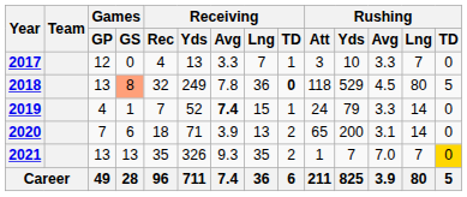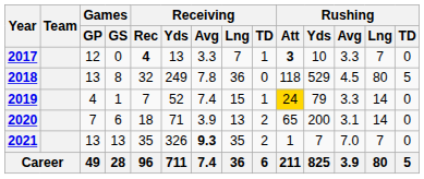 <table class="wikitable" style="text-align:center;">
 <tr>
 <th rowspan="2">Year</th>
 <th rowspan="2">Team</th>
 <th colspan="2">Games</th>
 <th colspan="5">Receiving</th>
 <th colspan="5">Rushing</th>
 </tr>
 <tr>
 <th>GP</th>
 <th>GS</th>
 <th>Rec</th>
 <th>Yds</th>
 <th>Avg</th>
 <th>Lng</th>
 <th>TD</th>
 <th>Att</th>
 <th>Yds</th>
 <th>Avg</th>
 <th>Lng</th>
 <th>TD</th>
 </tr>
 <tr>
 <th><a href='#'>2017</a></th>
 <th><a href='#'></a></th>
 <td>12</td>
 <td>0</td>
-<td>4</td>
+<td><strong>4</strong></td>
 <td>13</td>
 <td>3.3</td>
 <td>7</td>
 <td>1</td>
-<td>3</td>
+<td><strong>3</strong></td>
 <td>10</td>
 <td>3.3</td>
 <td>7</td>
 <td>0</td>
 </tr>
 <tr>
 <th><a href='#'>2018</a></th>
 <th><a href='#'></a></th>
 <td>13</td>
-<td style="background: lightsalmon;">8</td>
+<td>8</td>
 <td>32</td>
 <td>249</td>
 <td>7.8</td>
 <td>36</td>
-<td><strong>0</strong></td>
+<td>0</td>
 <td>118</td>
 <td>529</td>
 <td>4.5</td>
 <td>80</td>
 <td>5</td>
 </tr>
 <tr>
 <th><a href='#'>2019</a></th>
 <th><a href='#'></a></th>
 <td>4</td>
 <td>1</td>
 <td>7</td>
 <td>52</td>
-<td><strong>7.4</strong></td>
+<td>7.4</td>
 <td>15</td>
 <td>1</td>
-<td>24</td>
+<td style="background: gold;">24</td>
 <td>79</td>
 <td>3.3</td>
 <td>14</td>
 <td>0</td>
 </tr>
 <tr>
 <th><a href='#'>2020</a></th>
 <th><a href='#'></a></th>
 <td>7</td>
 <td>6</td>
 <td>18</td>
 <td>71</td>
 <td>3.9</td>
 <td>13</td>
 <td>2</td>
 <td>65</td>
 <td>200</td>
 <td>3.1</td>
 <td>14</td>
 <td>0</td>
 </tr>
 <tr>
 <th><a href='#'>2021</a></th>
 <th><a href='#'></a></th>
 <td>13</td>
 <td>13</td>
 <td>35</td>
 <td>326</td>
-<td>9.3</td>
+<td><strong>9.3</strong></td>
 <td>35</td>
 <td>2</td>
 <td>1</td>
 <td>7</td>
 <td>7.0</td>
 <td>7</td>
-<td style="background: gold;">0</td>
+<td>0</td>
 </tr>
 <tr>
 <th align=center colspan="2">Career</th>
 <th>49</th>
 <th>28</th>
 <th>96</th>
 <th>711</th>
 <th>7.4</th>
 <th>36</th>
 <th>6</th>
 <th>211</th>
 <th>825</th>
 <th>3.9</th>
 <th>80</th>
 <th>5</th>
 </tr>
 </table>
